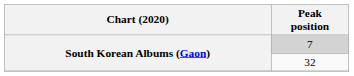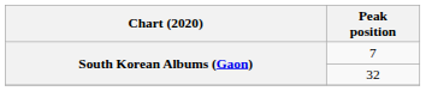 <table class="wikitable plainrowheaders" style="text-align:center; width:55%">
 <tr>
 <th scope="col">Chart (2020)</th>
 <th scope="col">Peak<br>position</th>
 </tr>
 <tr>
 <th scope="row" rowspan=2>South Korean Albums (<a href='#'>Gaon</a>)</th>
-<td style="background: lightgrey;">7</td>
+<td>7</td>
 </tr>
 <tr>
 <td>32</td>
 </tr>
 <tr>
 </tr>
 </table>
